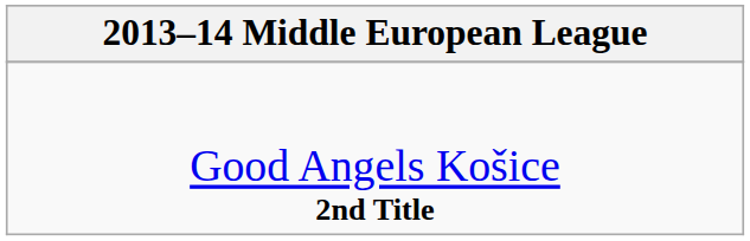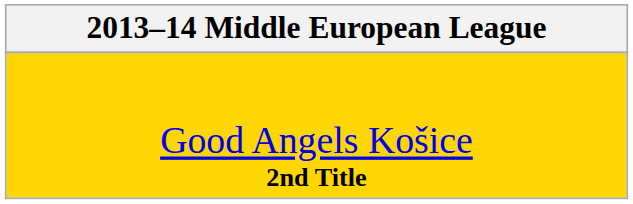 <table class="wikitable" style="margin: 0 auto; width: 30%;">
 <tr>
 <th><big>2013–14 Middle European League</big><br></th>
 </tr>
 <tr>
 </tr>
 <tr>
-<td align=center><br><br><big><big><a href='#'>Good Angels Košice</a><br></big></big><strong>2nd Title</strong></td>
+<td align=center style="background: gold;"><br><br><big><big><a href='#'>Good Angels Košice</a><br></big></big><strong>2nd Title</strong></td>
 </tr>
 </table>
